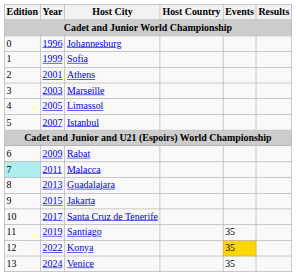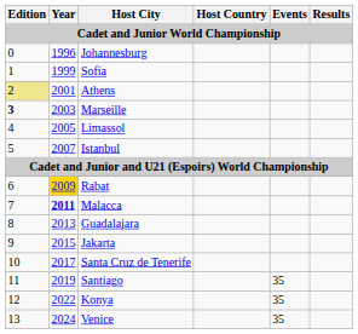 <table class="wikitable">
 <tr>
 <th>Edition</th>
 <th>Year</th>
 <th>Host City</th>
 <th>Host Country</th>
 <th>Events</th>
 <th>Results</th>
 </tr>
 <tr>
 <td colspan="6" bgcolor="#cccccc"align=center><strong>Cadet and Junior World Championship</strong></td>
 </tr>
 <tr>
 <td>0</td>
 <td><a href='#'>1996</a></td>
 <td><a href='#'>Johannesburg</a></td>
 <td></td>
 <td></td>
 <td></td>
 </tr>
 <tr>
 <td>1</td>
 <td><a href='#'>1999</a></td>
 <td><a href='#'>Sofia</a></td>
 <td></td>
 <td></td>
 <td></td>
 </tr>
 <tr>
-<td>2</td>
+<td style="background: khaki;">2</td>
 <td><a href='#'>2001</a></td>
 <td><a href='#'>Athens</a></td>
 <td></td>
 <td></td>
 <td></td>
 </tr>
 <tr>
-<td>3</td>
+<td><strong>3</strong></td>
 <td><a href='#'>2003</a></td>
 <td><a href='#'>Marseille</a></td>
 <td></td>
 <td></td>
 <td></td>
 </tr>
 <tr>
 <td>4</td>
 <td><a href='#'>2005</a></td>
 <td><a href='#'>Limassol</a></td>
 <td></td>
 <td></td>
 <td></td>
 </tr>
 <tr>
 <td>5</td>
 <td><a href='#'>2007</a></td>
 <td><a href='#'>Istanbul</a></td>
 <td></td>
 <td></td>
 <td></td>
 </tr>
 <tr>
 <td colspan="6" bgcolor="#cccccc"align=center><strong>Cadet and Junior and U21 (Espoirs) World Championship</strong></td>
 </tr>
 <tr>
 <td>6</td>
-<td><a href='#'>2009</a></td>
+<td style="background: gold;"><a href='#'>2009</a></td>
 <td><a href='#'>Rabat</a></td>
 <td></td>
 <td></td>
 <td></td>
 </tr>
 <tr>
-<td style="background: paleturquoise;">7</td>
-<td><a href='#'>2011</a></td>
+<td>7</td>
+<td><strong><a href='#'>2011</a></strong></td>
 <td><a href='#'>Malacca</a></td>
 <td></td>
 <td></td>
 <td></td>
 </tr>
 <tr>
 <td>8</td>
 <td><a href='#'>2013</a></td>
 <td><a href='#'>Guadalajara</a></td>
 <td></td>
 <td></td>
 <td></td>
 </tr>
 <tr>
 <td>9</td>
 <td><a href='#'>2015</a></td>
 <td><a href='#'>Jakarta</a></td>
 <td></td>
 <td></td>
 <td></td>
 </tr>
 <tr>
 <td>10</td>
 <td><a href='#'>2017</a></td>
 <td><a href='#'>Santa Cruz de Tenerife</a></td>
 <td></td>
 <td></td>
 <td></td>
 </tr>
 <tr>
 <td>11</td>
 <td><a href='#'>2019</a></td>
 <td><a href='#'>Santiago</a></td>
 <td></td>
 <td>35</td>
 <td></td>
 </tr>
 <tr>
 <td>12</td>
 <td><a href='#'>2022</a></td>
 <td><a href='#'>Konya</a></td>
 <td></td>
-<td style="background: gold;">35</td>
+<td>35</td>
 <td></td>
 </tr>
 <tr>
 <td>13</td>
 <td><a href='#'>2024</a></td>
 <td><a href='#'>Venice</a></td>
 <td></td>
 <td>35</td>
 <td></td>
 </tr>
 </table>
